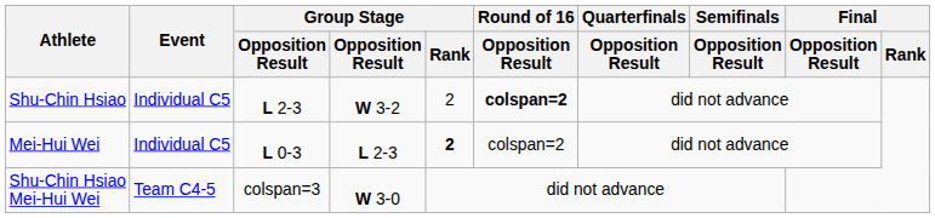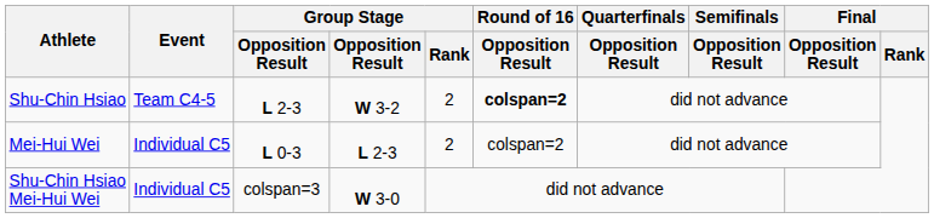 <table class=wikitable>
 <tr>
 <th rowspan="2">Athlete</th>
 <th rowspan="2">Event</th>
 <th colspan="3">Group Stage</th>
 <th>Round of 16</th>
 <th>Quarterfinals</th>
 <th>Semifinals</th>
 <th colspan="2">Final</th>
 </tr>
 <tr>
 <th>Opposition<br>Result</th>
 <th>Opposition<br>Result</th>
 <th>Rank</th>
 <th>Opposition<br>Result</th>
 <th>Opposition<br>Result</th>
 <th>Opposition<br>Result</th>
 <th>Opposition<br>Result</th>
 <th>Rank</th>
 </tr>
 <tr align=center>
 <td align=left><a href='#'>Shu-Chin Hsiao</a></td>
-<td align=left><a href='#'>Individual C5</a></td>
+<td align=left><a href='#'>Team C4-5</a></td>
 <td><br><strong>L</strong> 2-3</td>
 <td><br><strong>W</strong> 3-2</td>
 <td>2</td>
 <td><strong>colspan=2 </strong></td>
 <td colspan=3>did not advance</td>
 </tr>
 <tr align=center>
 <td align=left><a href='#'>Mei-Hui Wei</a></td>
 <td align=left><a href='#'>Individual C5</a></td>
 <td><br><strong>L</strong> 0-3</td>
 <td><br><strong>L</strong> 2-3</td>
-<td><strong>2</strong></td>
+<td>2</td>
 <td>colspan=2 </td>
 <td colspan=3>did not advance</td>
 </tr>
 <tr align=center>
 <td align=left><a href='#'>Shu-Chin Hsiao</a><br><a href='#'>Mei-Hui Wei</a></td>
-<td align=left><a href='#'>Team C4-5</a></td>
+<td align=left><a href='#'>Individual C5</a></td>
 <td>colspan=3 </td>
 <td><br><strong>W</strong> 3-0</td>
 <td colspan=4>did not advance</td>
 </tr>
 </table>
